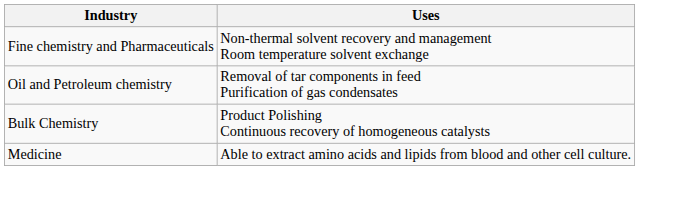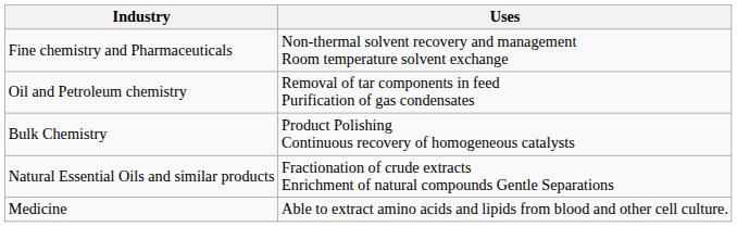 <table class="wikitable">
 <tr>
 <th>Industry</th>
 <th>Uses</th>
 </tr>
 <tr>
 <td>Fine chemistry and Pharmaceuticals</td>
 <td>Non-thermal solvent recovery and management<br>Room temperature solvent exchange</td>
 </tr>
 <tr>
 <td>Oil and Petroleum chemistry</td>
 <td>Removal of tar components in feed<br>Purification of gas condensates</td>
 </tr>
 <tr>
 <td>Bulk Chemistry</td>
 <td>Product Polishing<br>Continuous recovery of homogeneous catalysts</td>
 </tr>
 <tr>
+<td>Natural Essential Oils and similar products</td>
+<td>Fractionation of crude extracts<br>Enrichment of natural compounds Gentle Separations</td>
+</tr>
+<tr>
 <td>Medicine</td>
 <td>Able to extract amino acids and lipids from blood and other cell culture.</td>
 </tr>
 </table>
